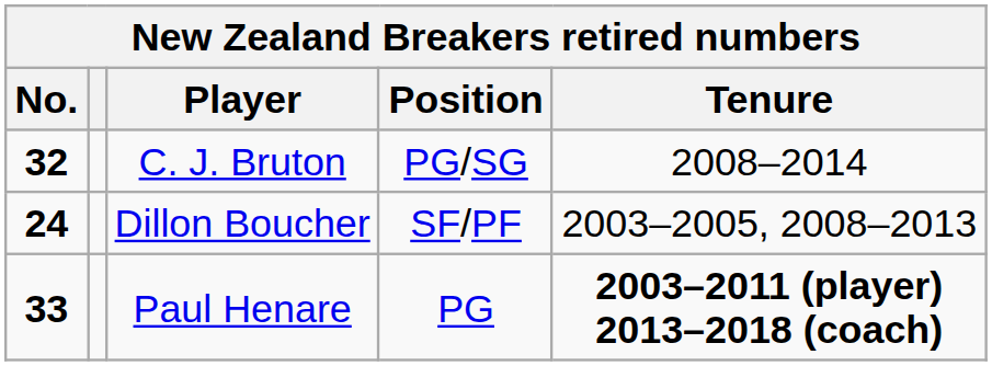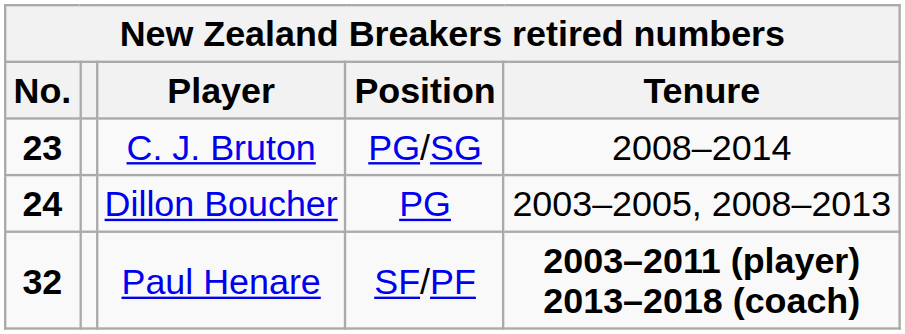 <table class="wikitable" style="text-align:center; font-size:95%;">
 <tr>
 <th colspan="5">New Zealand Breakers retired numbers</th>
 </tr>
 <tr>
 <th>No.</th>
 <th></th>
 <th>Player</th>
 <th>Position</th>
 <th>Tenure</th>
 </tr>
 <tr>
-<td><strong>32</strong></td>
+<td><strong>23</strong></td>
 <td></td>
 <td><a href='#'>C. J. Bruton</a></td>
 <td><a href='#'>PG</a>/<a href='#'>SG</a></td>
 <td>2008–2014</td>
 </tr>
 <tr>
 <td><strong>24</strong></td>
 <td></td>
 <td><a href='#'>Dillon Boucher</a></td>
-<td><a href='#'>SF</a>/<a href='#'>PF</a></td>
+<td><a href='#'>PG</a></td>
 <td>2003–2005, 2008–2013</td>
 </tr>
 <tr>
-<td><strong>33</strong></td>
+<td><strong>32</strong></td>
 <td></td>
 <td><a href='#'>Paul Henare</a></td>
-<td><a href='#'>PG</a></td>
+<td><a href='#'>SF</a>/<a href='#'>PF</a></td>
 <td><strong>2003–2011 (player)<br>2013–2018 (coach)</strong></td>
 </tr>
 </table>
